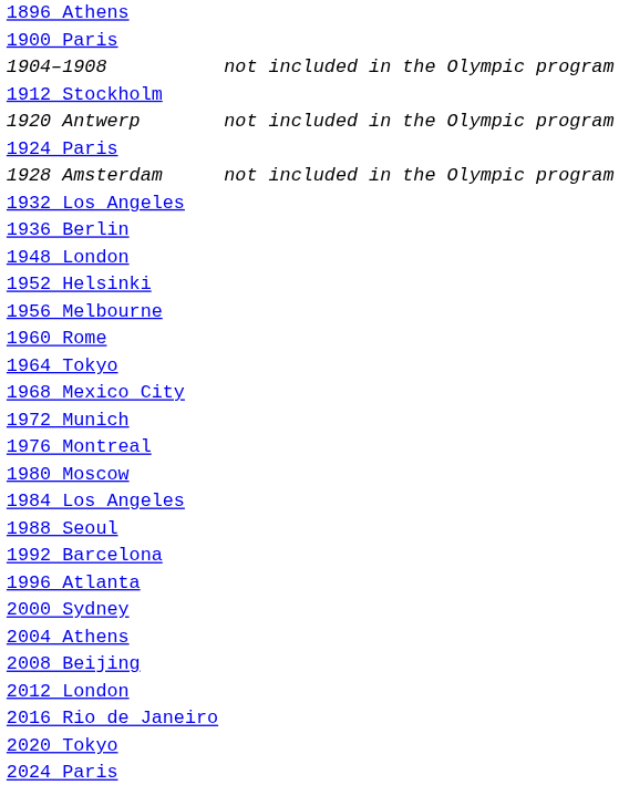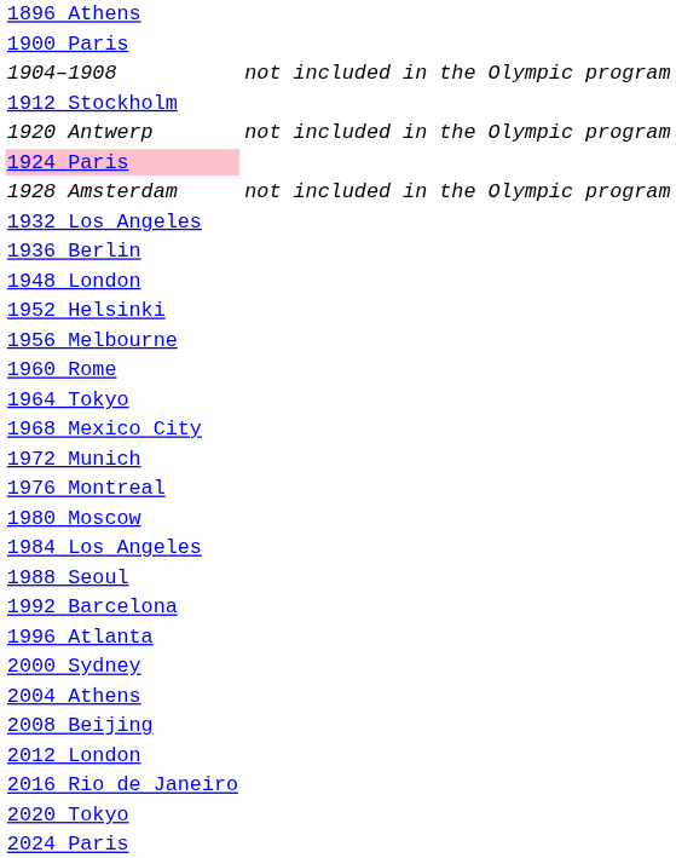 <table>
 <tr>
 <td><a href='#'>1896 Athens</a><br></td>
 <td></td>
 <td></td>
 <td></td>
 </tr>
 <tr>
 <td><a href='#'>1900 Paris</a><br></td>
 <td></td>
 <td></td>
 <td></td>
 </tr>
 <tr>
 <td><em>1904–1908</em></td>
 <td colspan=3 align=center><em>not included in the Olympic program</em></td>
 </tr>
 <tr>
 <td><a href='#'>1912 Stockholm</a><br></td>
 <td></td>
 <td></td>
 <td></td>
 </tr>
 <tr>
 <td><em>1920 Antwerp</em></td>
 <td colspan=3 align=center><em>not included in the Olympic program</em></td>
 </tr>
 <tr>
-<td><a href='#'>1924 Paris</a><br></td>
+<td style="background: pink;"><a href='#'>1924 Paris</a><br></td>
 <td></td>
 <td></td>
 <td></td>
 </tr>
 <tr>
 <td><em>1928 Amsterdam</em></td>
 <td colspan=3 align=center><em>not included in the Olympic program</em></td>
 </tr>
 <tr>
 <td><a href='#'>1932 Los Angeles</a><br></td>
 <td></td>
 <td></td>
 <td></td>
 </tr>
 <tr>
 <td><a href='#'>1936 Berlin</a><br></td>
 <td></td>
 <td></td>
 <td></td>
 </tr>
 <tr>
 <td><a href='#'>1948 London</a><br></td>
 <td></td>
 <td></td>
 <td></td>
 </tr>
 <tr>
 <td><a href='#'>1952 Helsinki</a><br></td>
 <td></td>
 <td></td>
 <td></td>
 </tr>
 <tr>
 <td><a href='#'>1956 Melbourne</a><br></td>
 <td></td>
 <td></td>
 <td></td>
 </tr>
 <tr>
 <td><a href='#'>1960 Rome</a><br></td>
 <td></td>
 <td></td>
 <td></td>
 </tr>
 <tr>
 <td><a href='#'>1964 Tokyo</a><br></td>
 <td></td>
 <td></td>
 <td></td>
 </tr>
 <tr>
 <td><a href='#'>1968 Mexico City</a><br></td>
 <td></td>
 <td></td>
 <td></td>
 </tr>
 <tr>
 <td><a href='#'>1972 Munich</a><br></td>
 <td></td>
 <td></td>
 <td></td>
 </tr>
 <tr>
 <td><a href='#'>1976 Montreal</a><br></td>
 <td></td>
 <td></td>
 <td></td>
 </tr>
 <tr>
 <td><a href='#'>1980 Moscow</a><br></td>
 <td></td>
 <td></td>
 <td></td>
 </tr>
 <tr>
 <td><a href='#'>1984 Los Angeles</a><br></td>
 <td></td>
 <td></td>
 <td></td>
 </tr>
 <tr>
 <td><a href='#'>1988 Seoul</a><br></td>
 <td></td>
 <td></td>
 <td></td>
 </tr>
 <tr>
 <td><a href='#'>1992 Barcelona</a><br></td>
 <td></td>
 <td></td>
 <td></td>
 </tr>
 <tr>
 <td><a href='#'>1996 Atlanta</a><br></td>
 <td></td>
 <td></td>
 <td></td>
 </tr>
 <tr>
 <td><a href='#'>2000 Sydney</a><br></td>
 <td></td>
 <td></td>
 <td></td>
 </tr>
 <tr>
 <td><a href='#'>2004 Athens</a><br></td>
 <td></td>
 <td></td>
 <td></td>
 </tr>
 <tr>
 <td><a href='#'>2008 Beijing</a><br></td>
 <td></td>
 <td></td>
 <td></td>
 </tr>
 <tr>
 <td><a href='#'>2012 London</a><br></td>
 <td></td>
 <td></td>
 <td></td>
 </tr>
 <tr>
 <td><a href='#'>2016 Rio de Janeiro</a><br></td>
 <td></td>
 <td></td>
 <td></td>
 </tr>
 <tr>
 <td><a href='#'>2020 Tokyo</a><br></td>
 <td></td>
 <td></td>
 <td></td>
 </tr>
 <tr>
 <td><a href='#'>2024 Paris</a><br></td>
 <td></td>
 <td></td>
 <td></td>
 </tr>
 <tr>
 </tr>
 </table>
